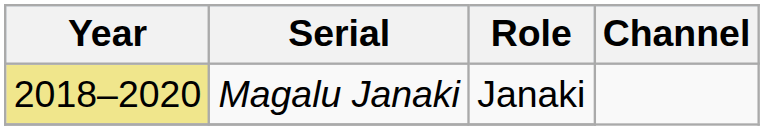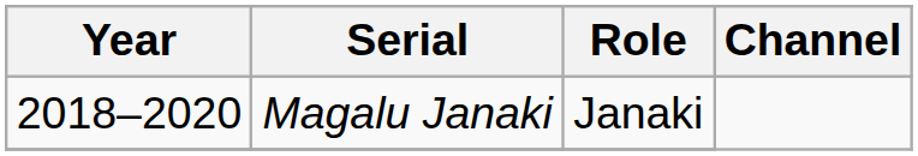 <table class="wikitable">
 <tr style="background:#b0c4de; text-align:center;">
 <th>Year</th>
 <th>Serial</th>
 <th>Role</th>
 <th>Channel</th>
 </tr>
 <tr>
-<td style="background: khaki;">2018–2020</td>
+<td>2018–2020</td>
 <td><em>Magalu Janaki</em></td>
 <td>Janaki</td>
 </tr>
 <tr>
 </tr>
 </table>
